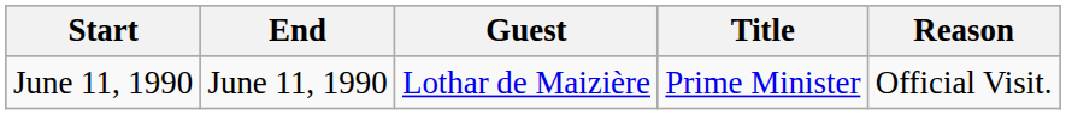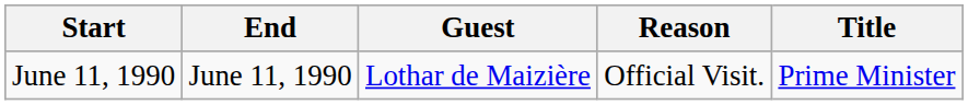 <table class="wikitable sortable">
 <tr>
 <th>Start</th>
 <th>End</th>
 <th>Guest</th>
+<th>Reason</th>
 <th>Title</th>
-<th>Reason</th>
 </tr>
 <tr>
 <td>June 11, 1990</td>
 <td>June 11, 1990</td>
 <td><a href='#'>Lothar de Maizière</a></td>
+<td>Official Visit.</td>
 <td><a href='#'>Prime Minister</a></td>
-<td>Official Visit.</td>
 </tr>
 </table>
